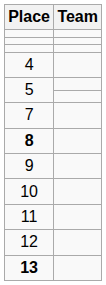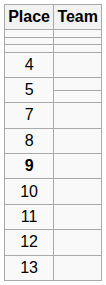 <table class="wikitable">
 <tr>
 <th>Place</th>
 <th>Team</th>
 </tr>
 <tr>
 <td align=center></td>
 <td></td>
 </tr>
 <tr>
 <td align=center></td>
 <td></td>
 </tr>
 <tr>
 <td align=center></td>
 <td></td>
 </tr>
 <tr>
 <td align=center>4</td>
 <td></td>
 </tr>
 <tr>
 <td rowspan=2 align=center>5</td>
 <td></td>
 </tr>
 <tr>
 <td></td>
 </tr>
 <tr>
 <td align=center>7</td>
 <td></td>
 </tr>
 <tr>
-<td align=center><strong>8</strong></td>
+<td align=center>8</td>
 <td></td>
 </tr>
 <tr>
-<td align=center>9</td>
+<td align=center><strong>9</strong></td>
 <td></td>
 </tr>
 <tr>
 <td align=center>10</td>
 <td></td>
 </tr>
 <tr>
 <td align=center>11</td>
 <td></td>
 </tr>
 <tr>
 <td align=center>12</td>
 <td></td>
 </tr>
 <tr>
-<td align=center><strong>13</strong></td>
+<td align=center>13</td>
 <td></td>
 </tr>
 </table>
